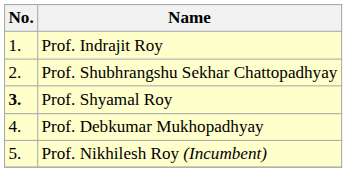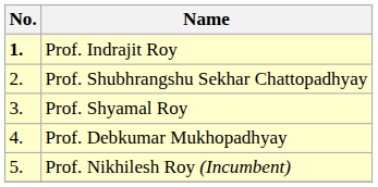 <table class="wikitable mw-collapsible mw-collapsed" style="background:#ffc; color:black">
 <tr>
 <th scope="col">No.</th>
 <th scope="col">Name</th>
 </tr>
 <tr>
-<td>1.</td>
+<td><strong>1.</strong></td>
 <td>Prof. Indrajit Roy</td>
 </tr>
 <tr>
 <td>2.</td>
 <td>Prof. Shubhrangshu Sekhar Chattopadhyay</td>
 </tr>
 <tr>
-<td><strong>3.</strong></td>
+<td>3.</td>
 <td>Prof. Shyamal Roy</td>
 </tr>
 <tr>
 <td>4.</td>
 <td>Prof. Debkumar Mukhopadhyay</td>
 </tr>
 <tr>
 <td>5.</td>
 <td>Prof. Nikhilesh Roy <em>(Incumbent)</em></td>
 </tr>
 <tr>
 </tr>
 </table>
